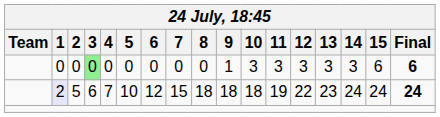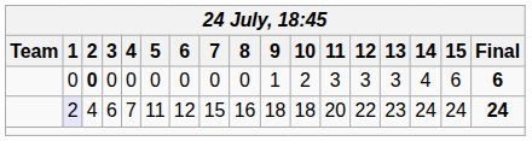 <table class=wikitable style="text-align:center; width: 55%">
 <tr>
 <th colspan=17><em>24 July, 18:45</em></th>
 </tr>
 <tr>
 <th>Team</th>
 <th>1</th>
 <th>2</th>
 <th>3</th>
 <th>4</th>
 <th>5</th>
 <th>6</th>
 <th>7</th>
 <th>8</th>
 <th>9</th>
 <th>10</th>
 <th>11</th>
 <th>12</th>
 <th>13</th>
 <th>14</th>
 <th>15</th>
 <th>Final</th>
 </tr>
 <tr>
 <td align=left></td>
 <td>0</td>
+<td><strong>0</strong></td>
 <td>0</td>
-<td style="background: lightgreen;">0</td>
 <td>0</td>
 <td>0</td>
 <td>0</td>
 <td>0</td>
 <td>0</td>
 <td>1</td>
+<td>2</td>
 <td>3</td>
 <td>3</td>
 <td>3</td>
-<td>3</td>
-<td>3</td>
+<td>4</td>
 <td>6</td>
 <td><strong>6</strong></td>
 </tr>
 <tr>
 <td align=left><strong></strong></td>
 <td style="background: lavender;">2</td>
-<td>5</td>
+<td>4</td>
 <td>6</td>
 <td>7</td>
-<td>10</td>
+<td>11</td>
 <td>12</td>
 <td>15</td>
+<td>16</td>
 <td>18</td>
 <td>18</td>
-<td>18</td>
-<td>19</td>
+<td>20</td>
 <td>22</td>
 <td>23</td>
 <td>24</td>
 <td>24</td>
 <td><strong>24</strong></td>
 </tr>
 <tr>
 <td colspan=17></td>
 </tr>
 </table>
